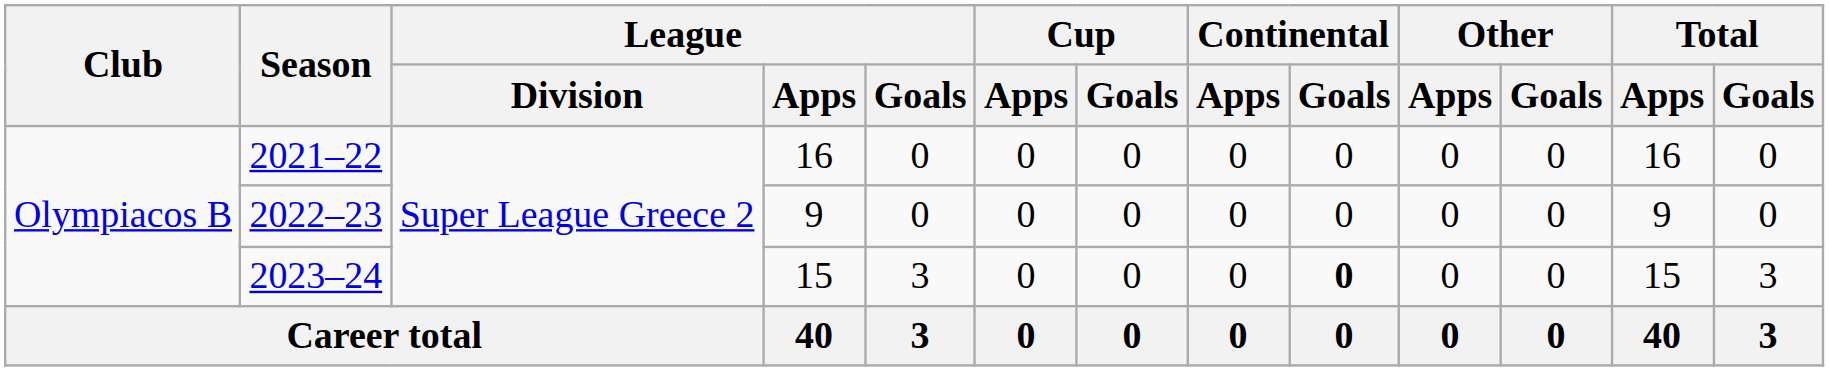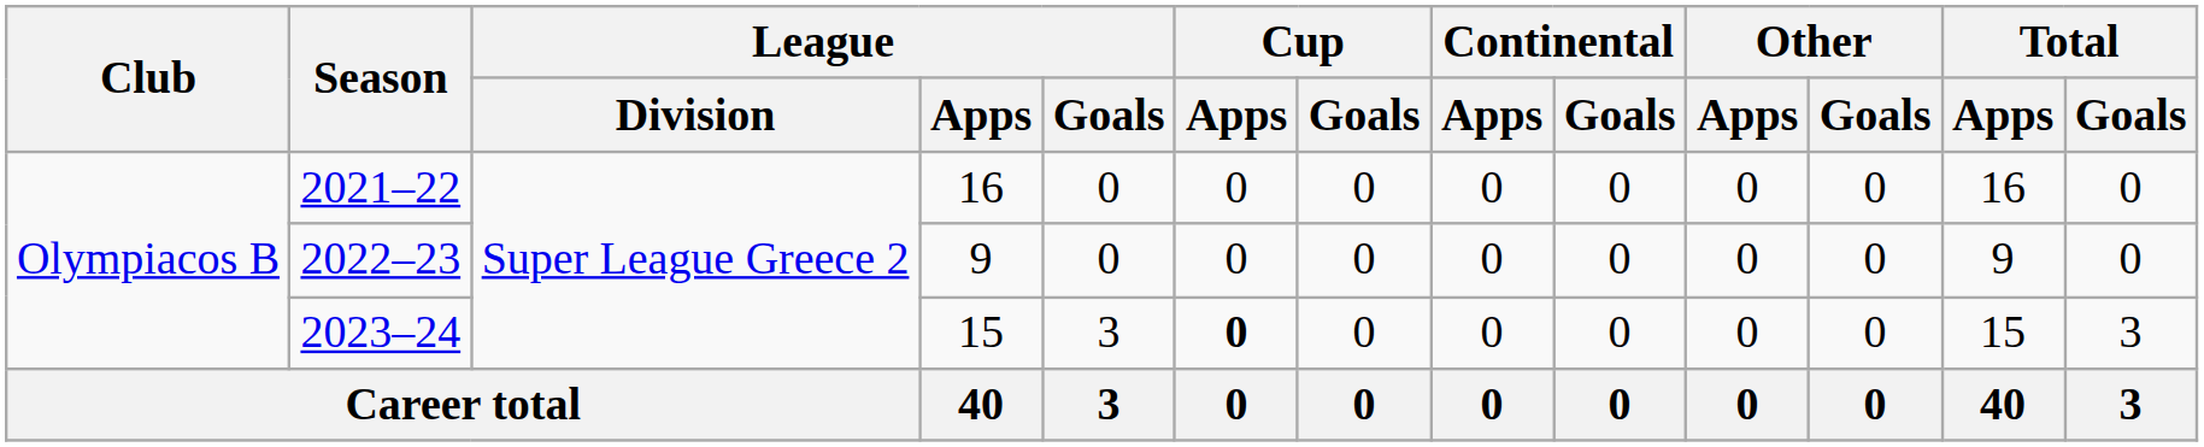 <table class="wikitable" style="text-align:center">
 <tr>
 <th rowspan="2">Club</th>
 <th rowspan="2">Season</th>
 <th colspan="3">League</th>
 <th colspan="2">Cup</th>
 <th colspan="2">Continental</th>
 <th colspan="2">Other</th>
 <th colspan="2">Total</th>
 </tr>
 <tr>
 <th>Division</th>
 <th>Apps</th>
 <th>Goals</th>
 <th>Apps</th>
 <th>Goals</th>
 <th>Apps</th>
 <th>Goals</th>
 <th>Apps</th>
 <th>Goals</th>
 <th>Apps</th>
 <th>Goals</th>
 </tr>
 <tr>
 <td rowspan="3"><a href='#'>Olympiacos B</a></td>
 <td><a href='#'>2021–22</a></td>
 <td rowspan="3"><a href='#'>Super League Greece 2</a></td>
 <td>16</td>
 <td>0</td>
 <td>0</td>
 <td>0</td>
 <td>0</td>
 <td>0</td>
 <td>0</td>
 <td>0</td>
 <td>16</td>
 <td>0</td>
 </tr>
 <tr>
 <td><a href='#'>2022–23</a></td>
 <td>9</td>
 <td>0</td>
 <td>0</td>
 <td>0</td>
 <td>0</td>
 <td>0</td>
 <td>0</td>
 <td>0</td>
 <td>9</td>
 <td>0</td>
 </tr>
 <tr>
 <td><a href='#'>2023–24</a></td>
 <td>15</td>
 <td>3</td>
+<td><strong>0</strong></td>
 <td>0</td>
 <td>0</td>
 <td>0</td>
-<td><strong>0</strong></td>
 <td>0</td>
 <td>0</td>
 <td>15</td>
 <td>3</td>
 </tr>
 <tr>
 <th colspan="3">Career total</th>
 <th>40</th>
 <th>3</th>
 <th>0</th>
 <th>0</th>
 <th>0</th>
 <th>0</th>
 <th>0</th>
 <th>0</th>
 <th>40</th>
 <th>3</th>
 </tr>
 </table>
